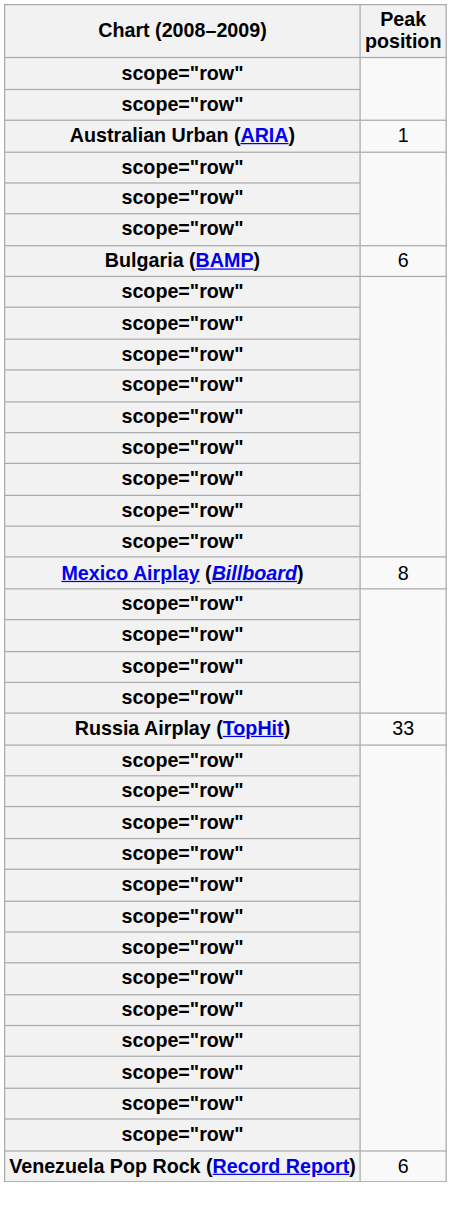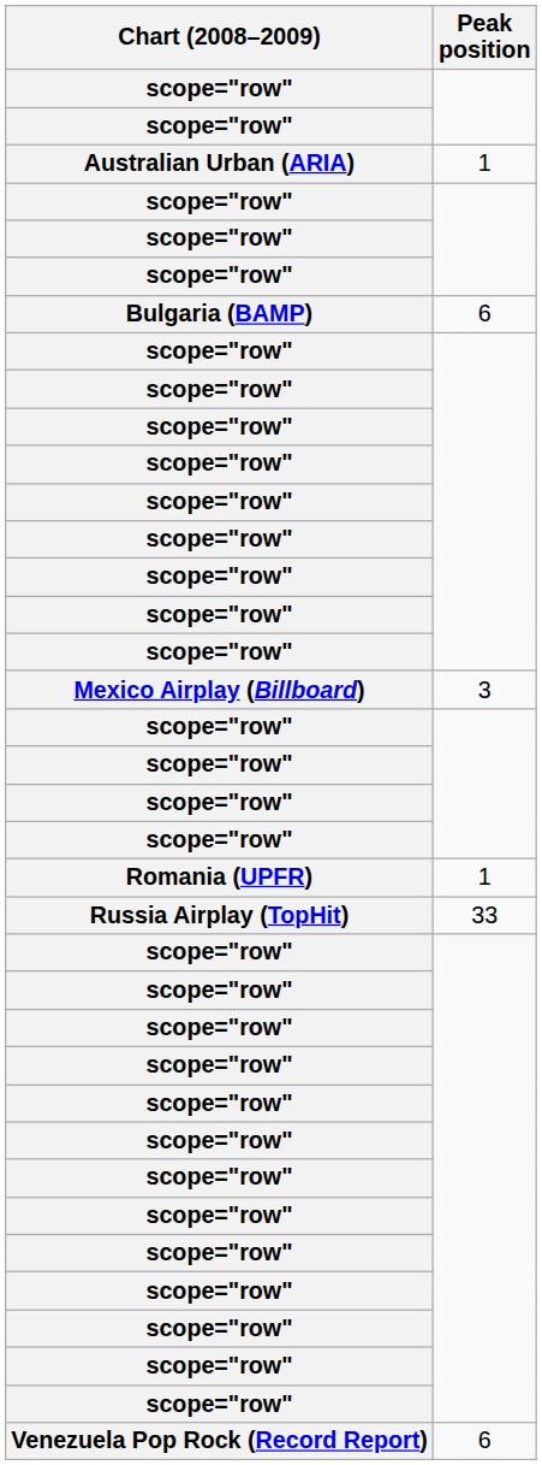 <table class="wikitable sortable plainrowheaders" style="text-align:center;">
 <tr>
 <th scope="col">Chart (2008–2009)</th>
 <th>Peak<br>position</th>
 </tr>
 <tr>
 <th>scope="row" </th>
 </tr>
 <tr>
 <th>scope="row" </th>
 </tr>
 <tr>
 <th scope="row">Australian Urban (<a href='#'>ARIA</a>)</th>
 <td>1</td>
 </tr>
 <tr>
 <th>scope="row" </th>
 </tr>
 <tr>
 <th>scope="row" </th>
 </tr>
 <tr>
 <th>scope="row" </th>
 </tr>
 <tr>
 <th scope="row">Bulgaria (<a href='#'>BAMP</a>)</th>
 <td>6</td>
 </tr>
 <tr>
 <th>scope="row" </th>
 </tr>
 <tr>
 <th>scope="row" </th>
 </tr>
 <tr>
 <th>scope="row" </th>
 </tr>
 <tr>
 <th>scope="row" </th>
 </tr>
 <tr>
 <th>scope="row" </th>
 </tr>
 <tr>
 <th>scope="row" </th>
 </tr>
 <tr>
 <th>scope="row" </th>
 </tr>
 <tr>
 <th>scope="row" </th>
 </tr>
 <tr>
 <th>scope="row" </th>
 </tr>
 <tr>
 <th scope="row"><a href='#'>Mexico Airplay</a> (<em><a href='#'>Billboard</a></em>)</th>
-<td>8</td>
+<td>3</td>
 </tr>
 <tr>
 <th>scope="row" </th>
 </tr>
 <tr>
 <th>scope="row"  </th>
 </tr>
 <tr>
 <th>scope="row" </th>
 </tr>
 <tr>
 <th>scope="row" </th>
+</tr>
+<tr>
+<th scope="row">Romania (<a href='#'>UPFR</a>)</th>
+<td>1</td>
 </tr>
 <tr>
 <th scope="row">Russia Airplay (<a href='#'>TopHit</a>)</th>
 <td>33</td>
 </tr>
 <tr>
 <th>scope="row" </th>
 </tr>
 <tr>
 <th>scope="row" </th>
 </tr>
 <tr>
 <th>scope="row" </th>
 </tr>
 <tr>
 <th>scope="row" </th>
 </tr>
 <tr>
 <th>scope="row" </th>
 </tr>
 <tr>
 <th>scope="row" </th>
 </tr>
 <tr>
 <th>scope="row" </th>
 </tr>
 <tr>
 <th>scope="row" </th>
 </tr>
 <tr>
 <th>scope="row" </th>
 </tr>
 <tr>
 <th>scope="row" </th>
 </tr>
 <tr>
 <th>scope="row" </th>
 </tr>
 <tr>
 <th>scope="row" </th>
 </tr>
 <tr>
 <th>scope="row" </th>
 </tr>
 <tr>
 <th scope="row">Venezuela Pop Rock (<a href='#'>Record Report</a>)</th>
 <td>6</td>
 </tr>
 </table>
